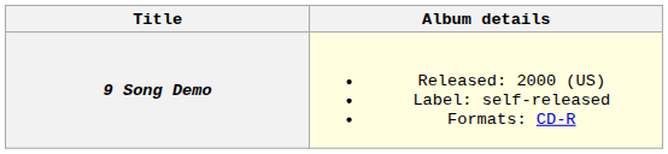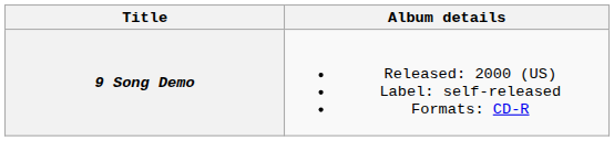 <table class="wikitable plainrowheaders" style="text-align:center;">
 <tr>
 <th scope="col" style="width:18em;">Title</th>
 <th scope="col" style="width:21em;">Album details</th>
 </tr>
 <tr>
 <th scope="row"><em>9 Song Demo</em></th>
-<td style="background: lightyellow;"><br><ul><li>Released: 2000 <span>(US)</span></li><li>Label: self-released</li><li>Formats: <a href='#'>CD-R</a></li></ul></td>
+<td><br><ul><li>Released: 2000 <span>(US)</span></li><li>Label: self-released</li><li>Formats: <a href='#'>CD-R</a></li></ul></td>
 </tr>
 </table>
